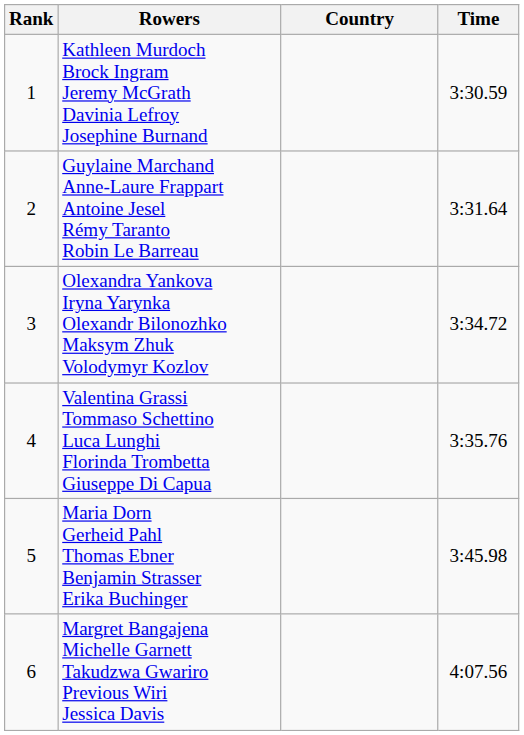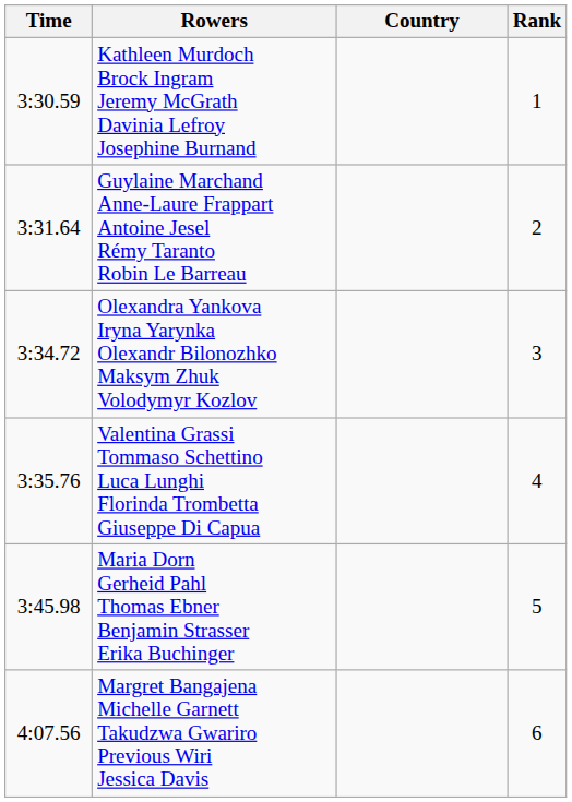 <table class="wikitable" style="text-align:center">
 <tr>
-<th>Rank</th>
+<th width=60>Time</th>
 <th width=180>Rowers</th>
 <th width=125>Country</th>
-<th width=60>Time</th>
+<th>Rank</th>
 </tr>
 <tr>
-<td>1</td>
+<td>3:30.59</td>
 <td style="text-align:left"><a href='#'>Kathleen Murdoch</a><br><a href='#'>Brock Ingram</a><br><a href='#'>Jeremy McGrath</a><br><a href='#'>Davinia Lefroy</a><br><a href='#'>Josephine Burnand</a></td>
 <td style="text-align:left"></td>
-<td>3:30.59</td>
+<td>1</td>
 </tr>
 <tr>
-<td>2</td>
+<td>3:31.64</td>
 <td style="text-align:left"><a href='#'>Guylaine Marchand</a><br><a href='#'>Anne-Laure Frappart</a><br><a href='#'>Antoine Jesel</a><br><a href='#'>Rémy Taranto</a><br><a href='#'>Robin Le Barreau</a></td>
 <td style="text-align:left"></td>
-<td>3:31.64</td>
+<td>2</td>
 </tr>
 <tr>
-<td>3</td>
+<td>3:34.72</td>
 <td style="text-align:left"><a href='#'>Olexandra Yankova</a><br><a href='#'>Iryna Yarynka</a><br><a href='#'>Olexandr Bilonozhko</a><br><a href='#'>Maksym Zhuk</a><br><a href='#'>Volodymyr Kozlov</a></td>
 <td style="text-align:left"></td>
-<td>3:34.72</td>
+<td>3</td>
 </tr>
 <tr>
-<td>4</td>
+<td>3:35.76</td>
 <td style="text-align:left"><a href='#'>Valentina Grassi</a><br><a href='#'>Tommaso Schettino</a><br><a href='#'>Luca Lunghi</a><br><a href='#'>Florinda Trombetta</a><br><a href='#'>Giuseppe Di Capua</a></td>
 <td style="text-align:left"></td>
-<td>3:35.76</td>
+<td>4</td>
 </tr>
 <tr>
-<td>5</td>
+<td>3:45.98</td>
 <td style="text-align:left"><a href='#'>Maria Dorn</a><br><a href='#'>Gerheid Pahl</a><br><a href='#'>Thomas Ebner</a><br><a href='#'>Benjamin Strasser</a><br><a href='#'>Erika Buchinger</a></td>
 <td style="text-align:left"></td>
-<td>3:45.98</td>
+<td>5</td>
 </tr>
 <tr>
-<td>6</td>
+<td>4:07.56</td>
 <td style="text-align:left"><a href='#'>Margret Bangajena</a><br><a href='#'>Michelle Garnett</a><br><a href='#'>Takudzwa Gwariro</a><br><a href='#'>Previous Wiri</a><br><a href='#'>Jessica Davis</a></td>
 <td style="text-align:left"></td>
-<td>4:07.56</td>
+<td>6</td>
 </tr>
 </table>
